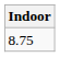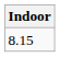 <table class="wikitable" border="1" align="upright">
 <tr>
 <th>Indoor</th>
 </tr>
 <tr>
-<td>8.75</td>
+<td>8.15</td>
 </tr>
 </table>
